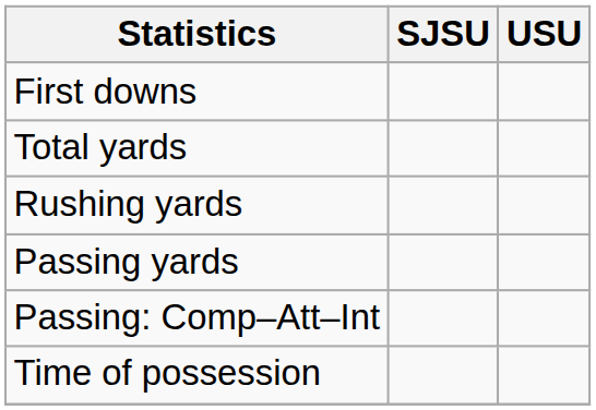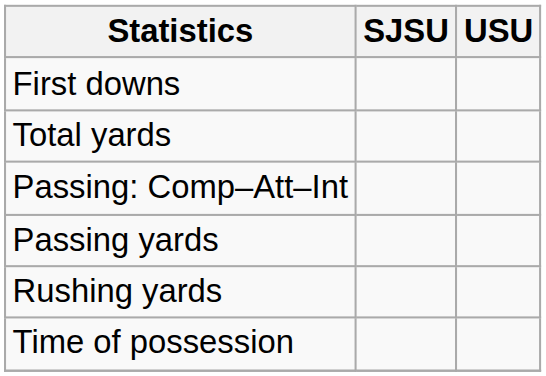 <table class="wikitable" style="float: left;">
 <tr>
 <th>Statistics</th>
 <th>SJSU</th>
 <th>USU</th>
 </tr>
 <tr>
 <td>First downs</td>
 <td></td>
 <td></td>
 </tr>
 <tr>
 <td>Total yards</td>
 <td></td>
 <td></td>
 </tr>
 <tr>
-<td>Rushing yards</td>
+<td>Passing: Comp–Att–Int</td>
 <td></td>
 <td></td>
 </tr>
 <tr>
 <td>Passing yards</td>
 <td></td>
 <td></td>
 </tr>
 <tr>
-<td>Passing: Comp–Att–Int</td>
+<td>Rushing yards</td>
 <td></td>
 <td></td>
 </tr>
 <tr>
 <td>Time of possession</td>
 <td></td>
 <td></td>
 </tr>
 <tr>
 </tr>
 </table>
